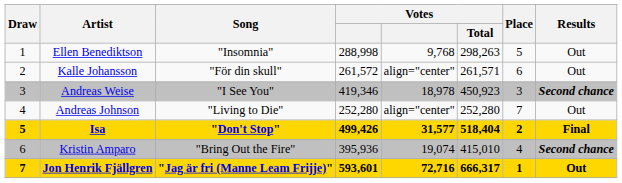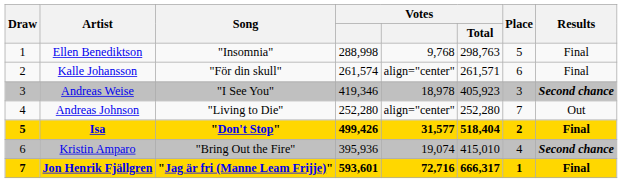 <table class="sortable wikitable" style="margin: 1em auto 1em auto; text-align:center;">
 <tr>
 <th rowspan="2">Draw</th>
 <th rowspan="2">Artist</th>
 <th rowspan="2">Song</th>
 <th colspan="3">Votes</th>
 <th rowspan="2">Place</th>
 <th rowspan="2">Results</th>
 </tr>
 <tr>
 <th></th>
 <th></th>
 <th>Total</th>
 </tr>
 <tr>
 <td>1</td>
 <td><a href='#'>Ellen Benediktson</a></td>
 <td>"Insomnia"</td>
 <td align="right">288,998</td>
 <td align="right">9,768</td>
-<td align="right">298,263</td>
+<td align="right">298,763</td>
 <td align="center">5</td>
-<td>Out</td>
+<td>Final</td>
 </tr>
 <tr>
 <td>2</td>
 <td><a href='#'>Kalle Johansson</a></td>
 <td>"För din skull"</td>
-<td align="right">261,572</td>
+<td align="right">261,574</td>
 <td>align="center" </td>
 <td align="right">261,571</td>
 <td align="center">6</td>
-<td>Out</td>
+<td>Final</td>
 </tr>
 <tr bgcolor="silver">
 <td>3</td>
 <td><a href='#'>Andreas Weise</a></td>
 <td>"I See You"</td>
 <td align="right">419,346</td>
 <td align="right">18,978</td>
-<td align="right">450,923</td>
+<td align="right">405,923</td>
 <td align="center">3</td>
 <td><strong><em>Second chance</em></strong></td>
 </tr>
 <tr>
 <td>4</td>
 <td><a href='#'>Andreas Johnson</a></td>
 <td>"Living to Die"</td>
 <td align="right">252,280</td>
 <td>align="center" </td>
 <td align="right">252,280</td>
 <td align="center">7</td>
 <td>Out</td>
 </tr>
 <tr style="font-weight:bold;background:gold;">
 <td>5</td>
 <td><a href='#'>Isa</a></td>
 <td>"<a href='#'>Don't Stop</a>"</td>
 <td align="right">499,426</td>
 <td align="right">31,577</td>
 <td align="right">518,404</td>
 <td align="center">2</td>
 <td><strong>Final</strong></td>
 </tr>
 <tr bgcolor="silver">
 <td>6</td>
 <td><a href='#'>Kristin Amparo</a></td>
 <td>"Bring Out the Fire"</td>
 <td align="right">395,936</td>
 <td align="right">19,074</td>
 <td align="right">415,010</td>
 <td align="center">4</td>
 <td><strong><em>Second chance</em></strong></td>
 </tr>
 <tr style="font-weight:bold;background:gold;">
 <td>7</td>
 <td><a href='#'>Jon Henrik Fjällgren</a></td>
 <td>"<a href='#'>Jag är fri (Manne Leam Frijje)</a>"</td>
 <td align="right">593,601</td>
 <td align="right">72,716</td>
 <td align="right">666,317</td>
 <td align="center">1</td>
-<td>Out</td>
+<td>Final</td>
 </tr>
 </table>
